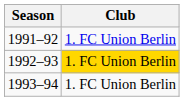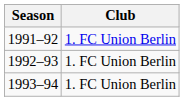 <table class="wikitable">
 <tr>
 <th>Season</th>
 <th>Club</th>
 </tr>
 <tr>
 <td>1991–92</td>
 <td><a href='#'>1. FC Union Berlin</a></td>
 </tr>
 <tr>
 <td>1992–93</td>
-<td style="background: gold;">1. FC Union Berlin</td>
+<td>1. FC Union Berlin</td>
 </tr>
 <tr>
 <td>1993–94</td>
 <td>1. FC Union Berlin</td>
 </tr>
 </table>
